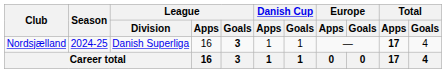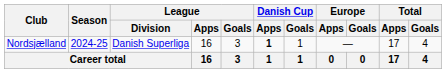 <table class="wikitable" style="text-align: center">
 <tr>
 <th rowspan="2">Club</th>
 <th rowspan="2">Season</th>
 <th colspan="3">League</th>
 <th colspan="2"><a href='#'>Danish Cup</a></th>
 <th colspan="2">Europe</th>
 <th colspan="2">Total</th>
 </tr>
 <tr>
 <th>Division</th>
 <th>Apps</th>
 <th>Goals</th>
 <th>Apps</th>
 <th>Goals</th>
 <th>Apps</th>
 <th>Goals</th>
 <th>Apps</th>
 <th>Goals</th>
 </tr>
 <tr>
 <td><a href='#'>Nordsjælland</a></td>
 <td><a href='#'>2024-25</a></td>
 <td><a href='#'>Danish Superliga</a></td>
 <td>16</td>
-<td><strong>3</strong></td>
-<td>1</td>
+<td>3</td>
+<td><strong>1</strong></td>
 <td>1</td>
 <td colspan="2">—</td>
-<td><strong>17</strong></td>
+<td>17</td>
 <td>4</td>
 </tr>
 <tr>
 <th colspan="3">Career total</th>
 <th>16</th>
 <th>3</th>
 <th>1</th>
 <th>1</th>
 <th>0</th>
 <th>0</th>
 <th>17</th>
 <th>4</th>
 </tr>
 </table>
